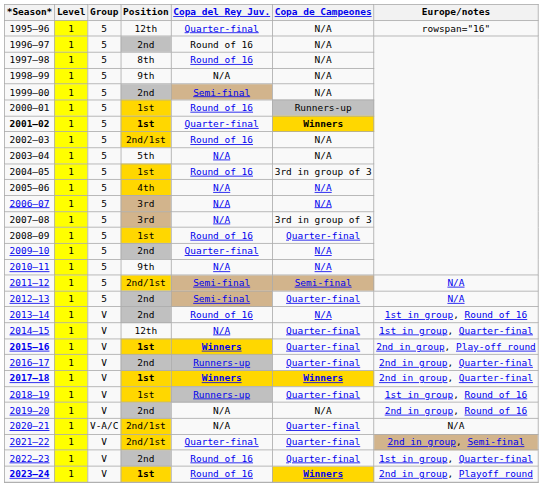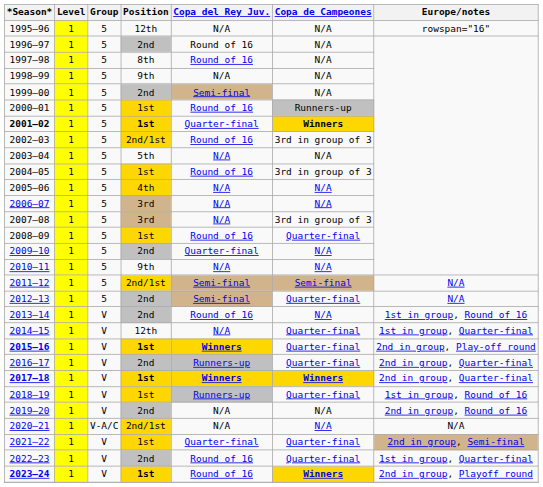 <table class="wikitable" style="text-align:center; font-size:90%">
 <tr>
 <th>*Season*</th>
 <th>Level</th>
 <th>Group</th>
 <th>Position</th>
 <th><a href='#'>Copa del Rey Juv.</a></th>
 <th><a href='#'>Copa de Campeones</a></th>
 <th>Europe/notes</th>
 </tr>
 <tr>
 <td>1995–96</td>
 <td bgcolor=#FFFF00>1</td>
 <td>5</td>
 <td>12th</td>
-<td><a href='#'>Quarter-final</a></td>
+<td>N/A</td>
 <td>N/A</td>
 <td>rowspan="16" </td>
 </tr>
 <tr>
 <td>1996–97</td>
 <td bgcolor=#FFFF00>1</td>
 <td>5</td>
 <td bgcolor=silver>2nd</td>
 <td>Round of 16</td>
 <td>N/A</td>
 </tr>
 <tr>
 <td>1997–98</td>
 <td bgcolor=#FFFF00>1</td>
 <td>5</td>
 <td>8th</td>
 <td><a href='#'>Round of 16</a></td>
 <td>N/A</td>
 </tr>
 <tr>
 <td>1998–99</td>
 <td bgcolor=#FFFF00>1</td>
 <td>5</td>
 <td>9th</td>
 <td>N/A</td>
 <td>N/A</td>
 </tr>
 <tr>
 <td>1999–00</td>
 <td bgcolor=#FFFF00>1</td>
 <td>5</td>
 <td bgcolor=silver>2nd</td>
 <td bgcolor=#D2B48C><a href='#'>Semi-final</a></td>
 <td>N/A</td>
 </tr>
 <tr>
 <td>2000–01</td>
 <td bgcolor=#FFFF00>1</td>
 <td>5</td>
 <td bgcolor=gold>1st</td>
 <td><a href='#'>Round of 16</a></td>
 <td bgcolor=silver>Runners-up</td>
 </tr>
 <tr>
 <td><strong>2001–02</strong></td>
 <td bgcolor=#FFFF00>1</td>
 <td>5</td>
 <td bgcolor=gold><strong> 1st </strong></td>
 <td><a href='#'>Quarter-final</a></td>
 <td bgcolor=gold><strong>Winners </strong></td>
 </tr>
 <tr>
 <td>2002–03</td>
 <td bgcolor=#FFFF00>1</td>
 <td>5</td>
 <td bgcolor=gold>2nd/1st</td>
 <td><a href='#'>Round of 16</a></td>
-<td>N/A</td>
+<td>3rd in group of 3</td>
 </tr>
 <tr>
 <td>2003–04</td>
 <td bgcolor=#FFFF00>1</td>
 <td>5</td>
 <td>5th</td>
 <td><a href='#'>N/A</a></td>
 <td>N/A</td>
 </tr>
 <tr>
 <td>2004–05</td>
 <td bgcolor=#FFFF00>1</td>
 <td>5</td>
 <td bgcolor=gold>1st</td>
 <td><a href='#'>Round of 16</a></td>
 <td>3rd in group of 3</td>
 </tr>
 <tr>
 <td>2005–06</td>
 <td bgcolor=#FFFF00>1</td>
 <td>5</td>
 <td style="background: gold;">4th</td>
 <td><a href='#'>N/A</a></td>
 <td><a href='#'>N/A</a></td>
 </tr>
 <tr>
 <td><a href='#'>2006–07</a></td>
 <td bgcolor=#FFFF00>1</td>
 <td>5</td>
 <td bgcolor=#D2B48C>3rd</td>
 <td><a href='#'>N/A</a></td>
 <td><a href='#'>N/A</a></td>
 </tr>
 <tr>
 <td>2007–08</td>
 <td bgcolor=#FFFF00>1</td>
 <td>5</td>
 <td bgcolor=#D2B48C>3rd</td>
 <td><a href='#'>N/A</a></td>
 <td>3rd in group of 3</td>
 </tr>
 <tr>
 <td>2008–09</td>
 <td bgcolor=#FFFF00>1</td>
 <td>5</td>
 <td bgcolor=gold>1st</td>
 <td><a href='#'>Round of 16</a></td>
 <td><a href='#'>Quarter-final</a></td>
 </tr>
 <tr>
 <td><a href='#'>2009–10</a></td>
 <td bgcolor=#FFFF00>1</td>
 <td>5</td>
 <td bgcolor=silver>2nd</td>
 <td><a href='#'>Quarter-final</a></td>
 <td><a href='#'>N/A</a></td>
 </tr>
 <tr>
 <td><a href='#'>2010–11</a></td>
 <td bgcolor=#FFFF00>1</td>
 <td>5</td>
 <td>9th</td>
 <td><a href='#'>N/A</a></td>
 <td><a href='#'>N/A</a></td>
 </tr>
 <tr>
 <td><a href='#'>2011–12</a></td>
 <td bgcolor=#FFFF00>1</td>
 <td>5</td>
 <td bgcolor=gold>2nd/1st</td>
 <td bgcolor=#D2B48C><a href='#'>Semi-final</a></td>
 <td bgcolor=#D2B48C><a href='#'>Semi-final</a></td>
 <td><a href='#'>N/A</a></td>
 </tr>
 <tr>
 <td><a href='#'>2012–13</a></td>
 <td bgcolor=#FFFF00>1</td>
 <td>5</td>
 <td bgcolor=silver>2nd</td>
 <td bgcolor=#D2B48C><a href='#'>Semi-final</a></td>
 <td><a href='#'>Quarter-final</a></td>
 <td><a href='#'>N/A</a></td>
 </tr>
 <tr>
 <td><a href='#'>2013–14</a></td>
 <td bgcolor=#FFFF00>1</td>
 <td>V</td>
 <td bgcolor=silver>2nd</td>
 <td><a href='#'>Round of 16</a></td>
 <td><a href='#'>N/A</a></td>
 <td><a href='#'>1st in group</a>, <a href='#'>Round of 16</a></td>
 </tr>
 <tr>
 <td><a href='#'>2014–15</a></td>
 <td bgcolor=#FFFF00>1</td>
 <td>V</td>
 <td>12th</td>
 <td><a href='#'>N/A</a></td>
 <td><a href='#'>Quarter-final</a></td>
 <td><a href='#'>1st in group</a>, <a href='#'>Quarter-final</a></td>
 </tr>
 <tr>
 <td><strong><a href='#'>2015–16</a></strong></td>
 <td bgcolor=#FFFF00>1</td>
 <td>V</td>
 <td bgcolor=gold><strong>1st</strong></td>
 <td bgcolor=gold><a href='#'><strong>Winners</strong></a></td>
 <td><a href='#'>Quarter-final</a></td>
 <td><a href='#'>2nd in group</a>, <a href='#'>Play-off round</a></td>
 </tr>
 <tr>
 <td><a href='#'>2016–17</a></td>
 <td bgcolor=#FFFF00>1</td>
 <td>V</td>
 <td bgcolor=silver>2nd</td>
 <td bgcolor=silver><a href='#'>Runners-up</a></td>
 <td><a href='#'>Quarter-final</a></td>
 <td><a href='#'>2nd in group</a>, <a href='#'>Quarter-final</a></td>
 </tr>
 <tr>
 <td><strong><a href='#'>2017–18</a></strong></td>
 <td bgcolor=#FFFF00>1</td>
 <td>V</td>
 <td bgcolor=gold><strong>1st</strong></td>
 <td bgcolor=gold><a href='#'><strong>Winners</strong></a></td>
 <td bgcolor=gold><a href='#'><strong>Winners</strong></a></td>
 <td><a href='#'>2nd in group</a>, <a href='#'>Quarter-final</a></td>
 </tr>
 <tr>
 <td><a href='#'>2018–19</a></td>
 <td bgcolor=#FFFF00>1</td>
 <td>V</td>
 <td bgcolor=gold>1st</td>
 <td bgcolor=silver><a href='#'>Runners-up</a></td>
 <td><a href='#'>Quarter-final</a></td>
 <td><a href='#'>1st in group</a>, <a href='#'>Round of 16</a></td>
 </tr>
 <tr>
 <td><a href='#'>2019–20</a></td>
 <td bgcolor=#FFFF00>1</td>
 <td>V</td>
 <td bgcolor=silver>2nd</td>
 <td>N/A</td>
 <td>N/A</td>
 <td><a href='#'>2nd in group</a>, <a href='#'>Round of 16</a></td>
 </tr>
 <tr>
 <td><a href='#'>2020–21</a></td>
 <td bgcolor=#FFFF00>1</td>
 <td>V-A/C</td>
 <td bgcolor=gold>2nd/1st</td>
 <td>N/A</td>
-<td><a href='#'>Quarter-final</a></td>
+<td><a href='#'>N/A</a></td>
 <td>N/A</td>
 </tr>
 <tr>
 <td><a href='#'>2021–22</a></td>
 <td bgcolor=#FFFF00>1</td>
 <td>V</td>
-<td bgcolor=gold>2nd/1st</td>
+<td bgcolor=gold>1st</td>
 <td><a href='#'>Quarter-final</a></td>
 <td><a href='#'>Quarter-final</a></td>
 <td bgcolor=#D2B48C><a href='#'>2nd in group</a>, <a href='#'>Semi-final</a></td>
 </tr>
 <tr>
 <td><a href='#'>2022–23</a></td>
 <td bgcolor=#FFFF00>1</td>
 <td>V</td>
 <td bgcolor=silver>2nd</td>
 <td><a href='#'>Round of 16</a></td>
 <td><a href='#'>Quarter-final</a></td>
 <td><a href='#'>1st in group</a>, <a href='#'>Quarter-final</a></td>
 </tr>
 <tr>
 <td><strong><a href='#'>2023–24</a></strong></td>
 <td bgcolor=#FFFF00>1</td>
 <td>V</td>
 <td bgcolor=gold><strong>1st</strong></td>
 <td><a href='#'>Round of 16</a></td>
 <td bgcolor=gold><strong><a href='#'>Winners</a></strong></td>
 <td><a href='#'>2nd in group</a>, <a href='#'>Playoff round</a></td>
 </tr>
 <tr>
 </tr>
 </table>
